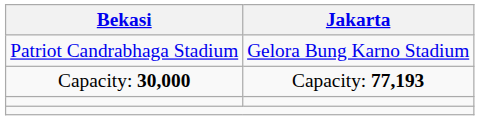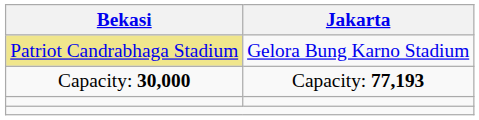 <table class="wikitable" style="margin:1em auto; text-align:center">
 <tr>
 <th><a href='#'>Bekasi</a></th>
 <th><a href='#'>Jakarta</a></th>
 </tr>
 <tr>
-<td><a href='#'>Patriot Candrabhaga Stadium</a></td>
+<td style="background: khaki;"><a href='#'>Patriot Candrabhaga Stadium</a></td>
 <td><a href='#'>Gelora Bung Karno Stadium</a></td>
 </tr>
 <tr>
 <td>Capacity: <strong>30,000</strong></td>
 <td>Capacity: <strong>77,193</strong></td>
 </tr>
 <tr>
 <td></td>
 <td></td>
 </tr>
 <tr>
 <td colspan=2></td>
 </tr>
 </table>
